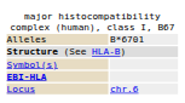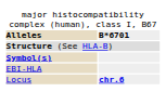 <table id="drugInfoBox" style="float: right; clear: right; margin: 0 0 0.5em 1em; background: #ffffff;" class="toccolours" border=0 cellpadding=0 align=right width="240px">
 <tr>
 <td align="center" colspan="3"></td>
 </tr>
 <tr style="text-align: center; line-height: 1.00;background:#eeeeee">
 <td colspan="3" color="white"></td>
 </tr>
 <tr>
 <td align="center" colspan="2"></td>
 </tr>
 <tr>
 <td align="center" colspan="2"><div>major histocompatibility complex (human), class I, B67</div></td>
 </tr>
 <tr>
-<td bgcolor="#e7dcc3">Alleles</td>
-<td bgcolor="#eeeeee">B*6701 <br></td>
+<td bgcolor="#e7dcc3"><strong>Alleles</strong></td>
+<td bgcolor="#eeeeee"><strong>B*6701 <br></strong></td>
 </tr>
 <tr>
 <td colspan="2" bgcolor="#dddddd"><strong>Structure</strong> (See <a href='#'>HLA-B</a>)</td>
 </tr>
 <tr>
-<td bgcolor="#e7dcc3"><a href='#'>Symbol(s)</a></td>
+<td bgcolor="#e7dcc3"><strong><a href='#'>Symbol(s)</a></strong></td>
 <td bgcolor="#eeeeee"></td>
 </tr>
 <tr>
-<td bgcolor="#e7dcc3"><strong><a href='#'>EBI-HLA</a></strong></td>
+<td bgcolor="#e7dcc3"><a href='#'>EBI-HLA</a></td>
 <td bgcolor="#eeeeee"></td>
 </tr>
 <tr>
 <td bgcolor="#e7dcc3"><a href='#'>Locus</a></td>
-<td bgcolor="#eeeeee"><a href='#'>chr.6</a> <em></em></td>
+<td bgcolor="#eeeeee"><strong><a href='#'>chr.6</a> <em></em></strong></td>
 </tr>
 <tr>
 </tr>
 </table>
